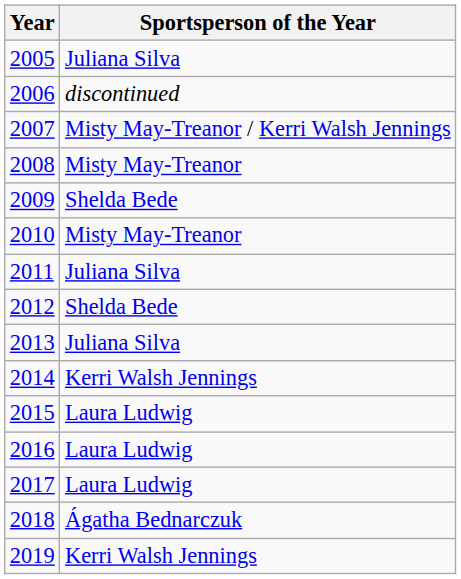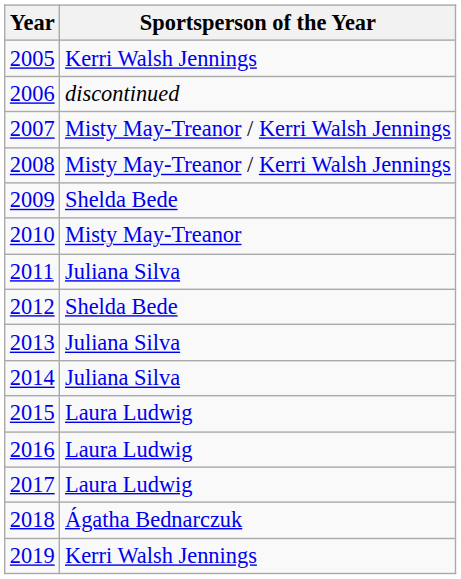 <table class="wikitable sortable" style="display:inline-table;">
 <tr>
 <th>Year</th>
 <th>Sportsperson of the Year</th>
 </tr>
 <tr>
 <td><a href='#'>2005</a></td>
-<td> <a href='#'>Juliana Silva</a> </td>
+<td> <a href='#'>Kerri Walsh Jennings</a> </td>
 </tr>
 <tr>
 <td><a href='#'>2006</a></td>
 <td><em>discontinued</em></td>
 </tr>
 <tr>
 <td><a href='#'>2007</a></td>
 <td> <a href='#'>Misty May-Treanor</a>  /  <a href='#'>Kerri Walsh Jennings</a> </td>
 </tr>
 <tr>
 <td><a href='#'>2008</a></td>
-<td> <a href='#'>Misty May-Treanor</a> </td>
+<td> <a href='#'>Misty May-Treanor</a>  /  <a href='#'>Kerri Walsh Jennings</a> </td>
 </tr>
 <tr>
 <td><a href='#'>2009</a></td>
 <td> <a href='#'>Shelda Bede</a></td>
 </tr>
 <tr>
 <td><a href='#'>2010</a></td>
 <td> <a href='#'>Misty May-Treanor</a> </td>
 </tr>
 <tr>
 <td><a href='#'>2011</a></td>
 <td> <a href='#'>Juliana Silva</a> </td>
 </tr>
 <tr>
 <td><a href='#'>2012</a></td>
 <td> <a href='#'>Shelda Bede</a></td>
 </tr>
 <tr>
 <td><a href='#'>2013</a></td>
 <td> <a href='#'>Juliana Silva</a> </td>
 </tr>
 <tr>
 <td><a href='#'>2014</a></td>
-<td> <a href='#'>Kerri Walsh Jennings</a> </td>
+<td> <a href='#'>Juliana Silva</a> </td>
 </tr>
 <tr>
 <td><a href='#'>2015</a></td>
 <td> <a href='#'>Laura Ludwig</a> </td>
 </tr>
 <tr>
 <td><a href='#'>2016</a></td>
 <td> <a href='#'>Laura Ludwig</a> </td>
 </tr>
 <tr>
 <td><a href='#'>2017</a></td>
 <td> <a href='#'>Laura Ludwig</a> </td>
 </tr>
 <tr>
 <td><a href='#'>2018</a></td>
 <td> <a href='#'>Ágatha Bednarczuk</a></td>
 </tr>
 <tr>
 <td><a href='#'>2019</a></td>
 <td> <a href='#'>Kerri Walsh Jennings</a> </td>
 </tr>
 </table>
